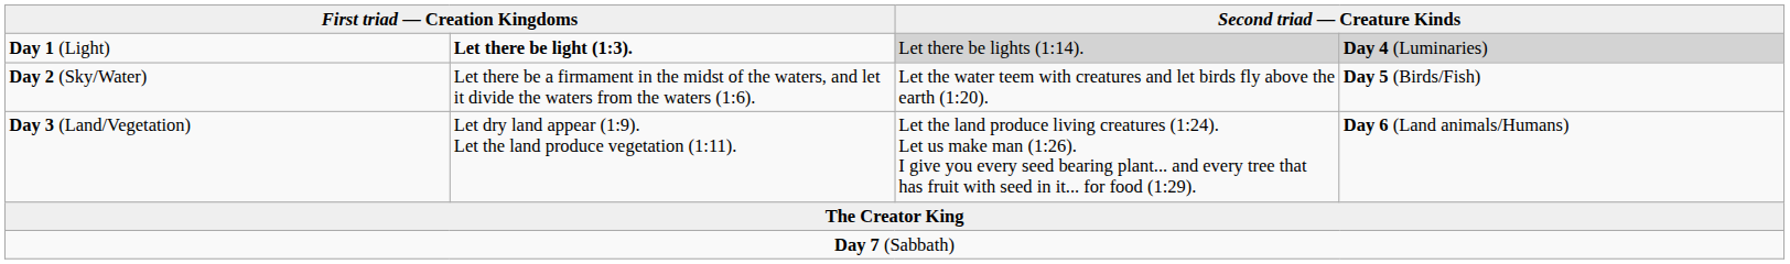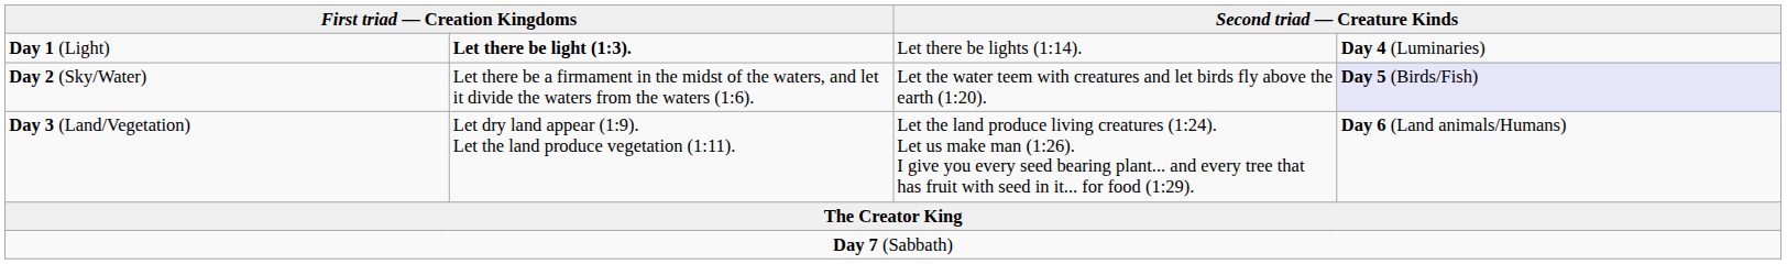 <table class="wikitable" align="center">
 <tr align="center" style="background:#efefef" !>
 <td colspan="2" style="width: 50%;"><strong><em>First triad</em></strong> <strong>— Creation Kingdoms</strong></td>
 <td colspan="2" style="width: 50%;"><strong><em>Second triad</em></strong> <strong>— Creature Kinds</strong></td>
 </tr>
 <tr valign="top">
 <td style="width: 25%;"><strong>Day 1</strong> (Light)</td>
 <td><strong>Let there be light (1:3).</strong></td>
-<td style="background: lightgrey;">Let there be lights (1:14).</td>
-<td style="background: lightgrey; width: 25%;"><strong>Day 4</strong> (Luminaries)</td>
+<td>Let there be lights (1:14).</td>
+<td style="width: 25%;"><strong>Day 4</strong> (Luminaries)</td>
 </tr>
 <tr valign="top">
 <td style="width: 25%;"><strong>Day 2</strong> (Sky/Water)</td>
 <td>Let there be a firmament in the midst of the waters, and let it divide the waters from the waters (1:6).</td>
 <td>Let the water teem with creatures and let birds fly above the earth (1:20).</td>
-<td style="width: 25%;"><strong>Day 5</strong> (Birds/Fish)</td>
+<td style="background: lavender; width: 25%;"><strong>Day 5</strong> (Birds/Fish)</td>
 </tr>
 <tr valign="top">
 <td style="width: 25%;"><strong>Day 3</strong> (Land/Vegetation)</td>
 <td>Let dry land appear (1:9).<br> Let the land produce vegetation (1:11).</td>
 <td>Let the land produce living creatures (1:24).<br> Let us make man (1:26).<br> I give you every seed bearing plant... and every tree that has fruit with seed in it... for food (1:29).</td>
 <td style="width: 25%;"><strong>Day 6</strong> (Land animals/Humans)</td>
 </tr>
 <tr>
 <th colspan="4" align="center" style="background:#efefef;">The Creator King</th>
 </tr>
 <tr>
 <td colspan="4" align="center"><strong>Day 7</strong> (Sabbath)</td>
 </tr>
 </table>
